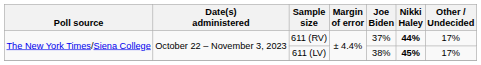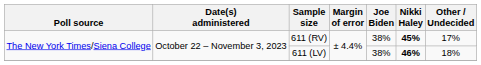 <table class="wikitable sortable mw-datatable" style="font-size:90%;text-align:center;line-height:17px">
 <tr valign=bottom>
 <th>Poll source</th>
 <th>Date(s)<br>administered</th>
 <th>Sample<br>size</th>
 <th>Margin<br>of error</th>
 <th class="unsortable">Joe<br>Biden<br></th>
 <th class="unsortable">Nikki<br>Haley<br></th>
 <th class="unsortable">Other /<br>Undecided</th>
 </tr>
 <tr>
 <td style="text-align:left;" rowspan="2"><a href='#'>The New York Times</a>/<a href='#'>Siena College</a></td>
 <td rowspan="2">October 22 – November 3, 2023</td>
 <td>611 (RV)</td>
 <td rowspan="2">± 4.4%</td>
-<td>37%</td>
-<td style="background-color:"><strong>44%</strong></td>
+<td>38%</td>
+<td style="background-color:"><strong>45%</strong></td>
 <td>17%</td>
 </tr>
 <tr>
 <td>611 (LV)</td>
 <td>38%</td>
-<td style="background-color:"><strong>45%</strong></td>
-<td>17%</td>
+<td style="background-color:"><strong>46%</strong></td>
+<td>18%</td>
 </tr>
 <tr>
 </tr>
 </table>
